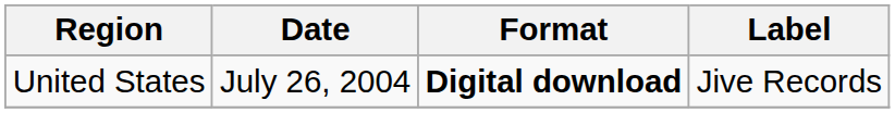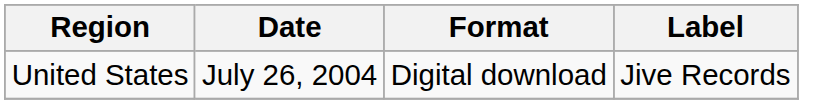 <table class=wikitable>
 <tr>
 <th>Region</th>
 <th>Date</th>
 <th>Format</th>
 <th>Label</th>
 </tr>
 <tr>
 <td>United States</td>
 <td>July 26, 2004</td>
-<td><strong>Digital download</strong></td>
+<td>Digital download</td>
 <td>Jive Records</td>
 </tr>
 <tr>
 </tr>
 </table>
